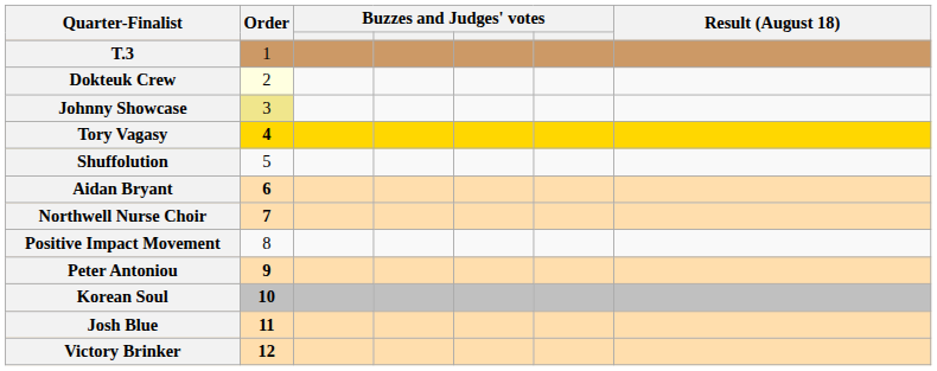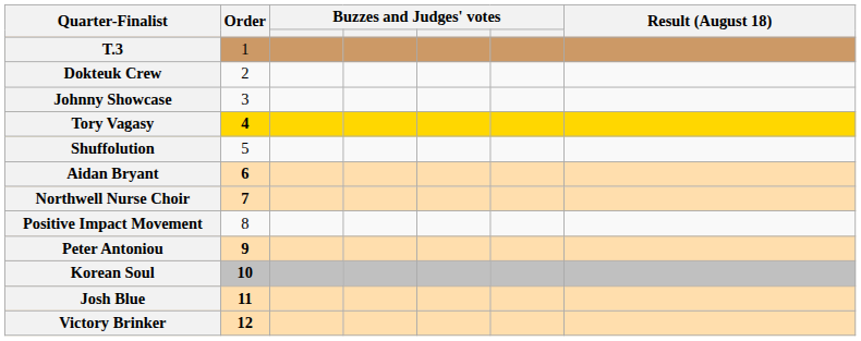 <table class="wikitable plainrowheaders sortable" style="text-align:center;">
 <tr>
 <th scope="col" rowspan="2" class="unsortable" style="width:17em;">Quarter-Finalist</th>
 <th scope="col" rowspan="2" style="width:1em;">Order</th>
 <th scope="col" colspan="4" class="unsortable" style="width:24em;">Buzzes and Judges' votes</th>
 <th scope="col" rowspan="2" style="width:25em;">Result (August 18)</th>
 </tr>
 <tr>
 <th scope="col" class="unsortable" style="width:6em;"></th>
 <th scope="col" class="unsortable" style="width:6em;"></th>
 <th scope="col" class="unsortable" style="width:6em;"></th>
 <th scope="col" class="unsortable" style="width:6em;"></th>
 </tr>
 <tr style="background:#c96">
 <th scope="row">T.3</th>
 <td>1</td>
 <td style="text-align:center;"></td>
 <td style="text-align:center;"></td>
 <td style="text-align:center;"></td>
 <td style="text-align:center;"></td>
 <td></td>
 </tr>
 <tr>
 <th scope="row">Dokteuk Crew</th>
-<td style="background: lightyellow;">2</td>
+<td>2</td>
 <td style="text-align:center;"></td>
 <td style="text-align:center;"></td>
 <td style="text-align:center;"></td>
 <td style="text-align:center;"></td>
 <td></td>
 </tr>
 <tr>
 <th scope="row">Johnny Showcase</th>
-<td style="background: khaki;">3</td>
+<td>3</td>
 <td style="text-align:center;"></td>
 <td style="text-align:center;"></td>
 <td style="text-align:center;"></td>
 <td style="text-align:center;"></td>
 <td></td>
 </tr>
 <tr style="background:gold">
 <th scope="row"><strong>Tory Vagasy</strong></th>
 <td><strong>4</strong></td>
 <td style="text-align:center;"></td>
 <td style="text-align:center;"></td>
 <td style="text-align:center;"></td>
 <td style="text-align:center;"></td>
 <td><strong></strong></td>
 </tr>
 <tr>
 <th scope="row">Shuffolution</th>
 <td>5</td>
 <td style="text-align:center;"></td>
 <td style="text-align:center;"></td>
 <td style="text-align:center;"></td>
 <td style="text-align:center;"></td>
 <td></td>
 </tr>
 <tr style="background:NavajoWhite">
 <th scope="row"><strong>Aidan Bryant</strong></th>
 <td><strong>6</strong></td>
 <td style="text-align:center;"></td>
 <td style="text-align:center;"></td>
 <td style="text-align:center;"></td>
 <td style="text-align:center;"></td>
 <td><strong></strong></td>
 </tr>
 <tr style="background:NavajoWhite">
 <th scope="row"><strong>Northwell Nurse Choir</strong></th>
 <td><strong>7</strong></td>
 <td style="text-align:center;"></td>
 <td style="text-align:center;"></td>
 <td style="text-align:center;"></td>
 <td style="text-align:center;"></td>
 <td><strong></strong></td>
 </tr>
 <tr>
 <th scope="row">Positive Impact Movement</th>
 <td>8</td>
 <td style="text-align:center;"></td>
 <td style="text-align:center;"></td>
 <td style="text-align:center;"></td>
 <td style="text-align:center;"></td>
 <td></td>
 </tr>
 <tr style="background:NavajoWhite">
 <th scope="row"><strong>Peter Antoniou</strong></th>
 <td><strong>9</strong></td>
 <td style="text-align:center;"></td>
 <td style="text-align:center;"></td>
 <td style="text-align:center;"></td>
 <td style="text-align:center;"></td>
 <td><strong></strong></td>
 </tr>
 <tr style="background:silver">
 <th scope="row"><strong>Korean Soul</strong></th>
 <td><strong>10</strong></td>
 <td style="text-align:center;"></td>
 <td style="text-align:center;"></td>
 <td style="text-align:center;"></td>
 <td style="text-align:center;"></td>
 <td><strong></strong></td>
 </tr>
 <tr style="background:NavajoWhite">
 <th scope="row"><strong>Josh Blue</strong></th>
 <td><strong>11</strong></td>
 <td style="text-align:center;"></td>
 <td style="text-align:center;"></td>
 <td style="text-align:center;"></td>
 <td style="text-align:center;"></td>
 <td><strong></strong></td>
 </tr>
 <tr style="background:NavajoWhite">
 <th scope="row"><strong>Victory Brinker</strong></th>
 <td><strong>12</strong></td>
 <td style="text-align:center;"></td>
 <td style="text-align:center;"></td>
 <td style="text-align:center;"></td>
 <td style="text-align:center;"></td>
 <td><strong></strong></td>
 </tr>
 </table>
